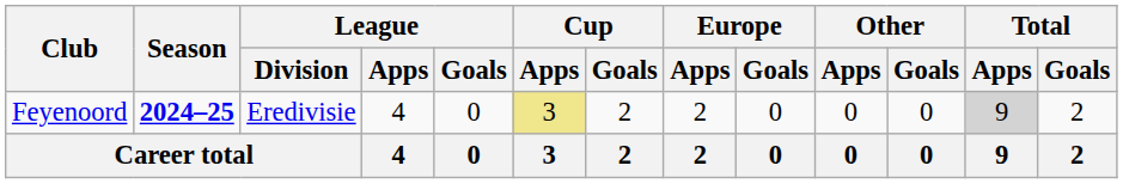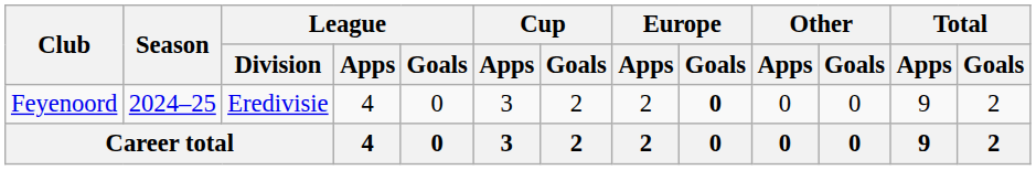 <table class="wikitable" style="text-align:center">
 <tr>
 <th rowspan="2">Club</th>
 <th rowspan="2">Season</th>
 <th colspan="3">League</th>
 <th colspan="2">Cup</th>
 <th colspan="2">Europe</th>
 <th colspan="2">Other</th>
 <th colspan="2">Total</th>
 </tr>
 <tr>
 <th>Division</th>
 <th>Apps</th>
 <th>Goals</th>
 <th>Apps</th>
 <th>Goals</th>
 <th>Apps</th>
 <th>Goals</th>
 <th>Apps</th>
 <th>Goals</th>
 <th>Apps</th>
 <th>Goals</th>
 </tr>
 <tr>
 <td><a href='#'>Feyenoord</a></td>
-<td><strong><a href='#'>2024–25</a></strong></td>
+<td><a href='#'>2024–25</a></td>
 <td><a href='#'>Eredivisie</a></td>
 <td>4</td>
 <td>0</td>
-<td style="background: khaki;">3</td>
+<td>3</td>
 <td>2</td>
 <td>2</td>
+<td><strong>0</strong></td>
 <td>0</td>
 <td>0</td>
-<td>0</td>
-<td style="background: lightgrey;">9</td>
+<td>9</td>
 <td>2</td>
 </tr>
 <tr>
 <th colspan="3">Career total</th>
 <th>4</th>
 <th>0</th>
 <th>3</th>
 <th>2</th>
 <th>2</th>
 <th>0</th>
 <th>0</th>
 <th>0</th>
 <th>9</th>
 <th>2</th>
 </tr>
 </table>
